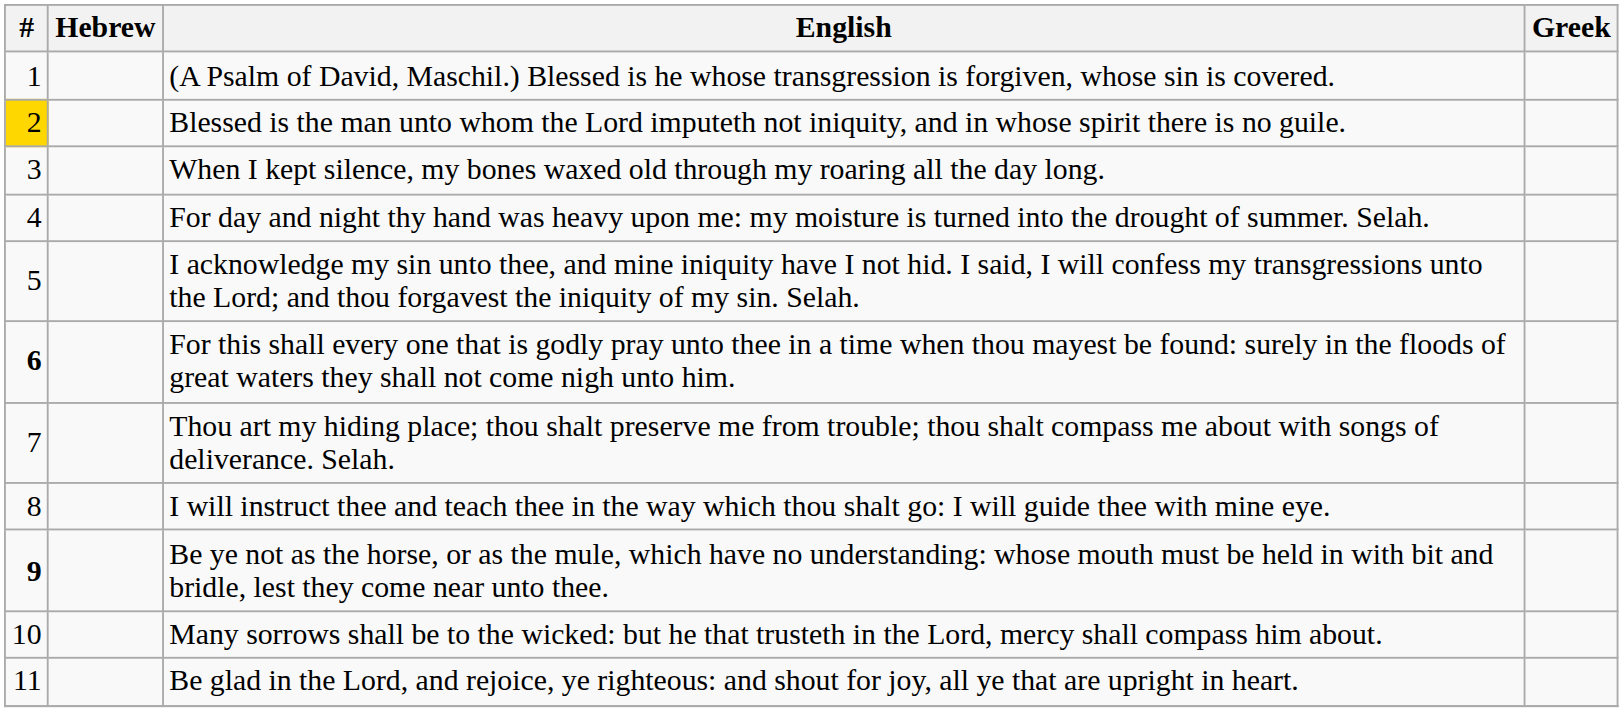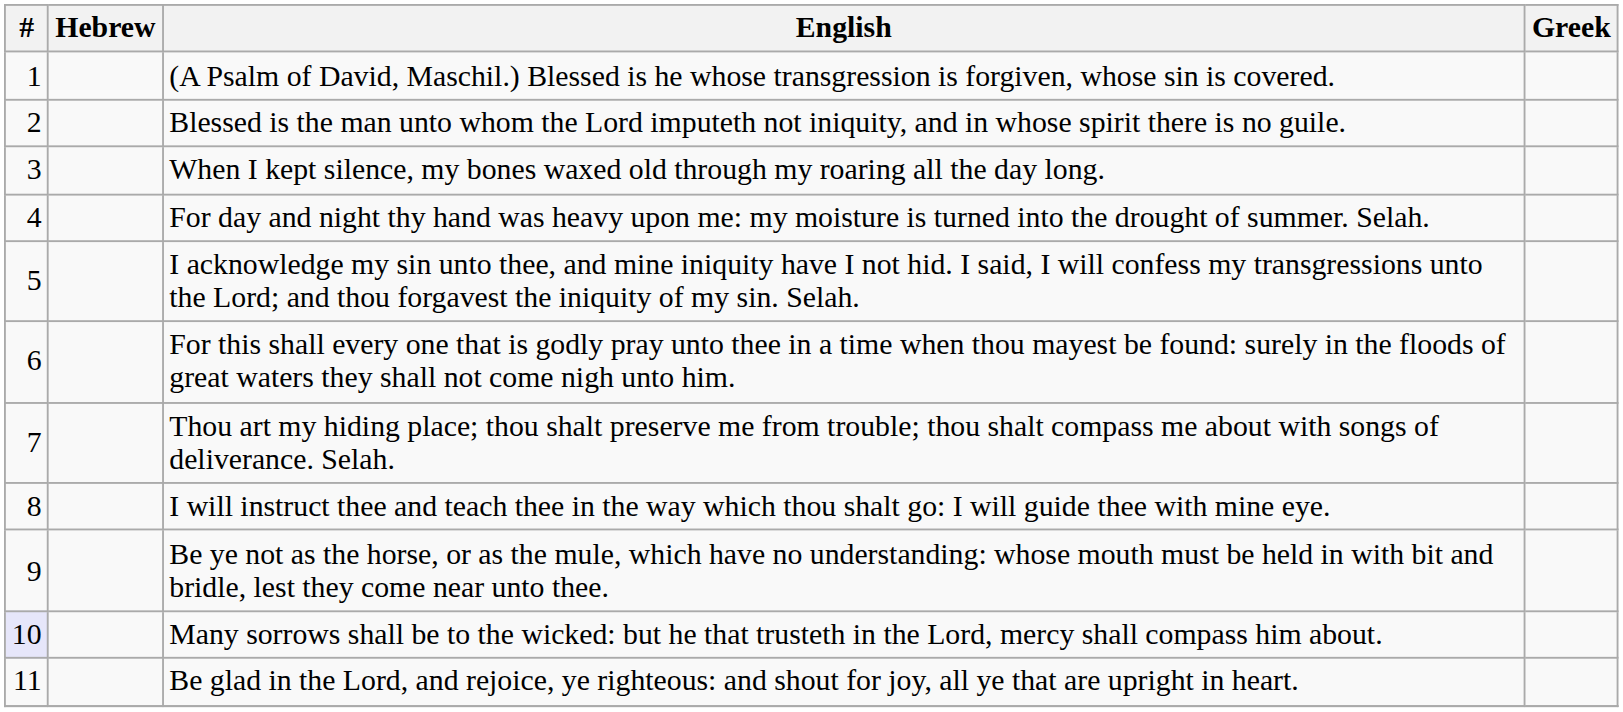 <table class=wikitable>
 <tr>
 <th>#</th>
 <th>Hebrew</th>
 <th>English</th>
 <th>Greek</th>
 </tr>
 <tr>
 <td style="text-align:right">1</td>
 <td style="text-align:right"></td>
 <td>(A Psalm of David, Maschil.) Blessed is he whose transgression is forgiven, whose sin is covered.</td>
 <td></td>
 </tr>
 <tr>
-<td style="background: gold; text-align:right">2</td>
+<td style="text-align:right">2</td>
 <td style="text-align:right"></td>
 <td>Blessed is the man unto whom the Lord imputeth not iniquity, and in whose spirit there is no guile.</td>
 <td></td>
 </tr>
 <tr>
 <td style="text-align:right">3</td>
 <td style="text-align:right"></td>
 <td>When I kept silence, my bones waxed old through my roaring all the day long.</td>
 <td></td>
 </tr>
 <tr>
 <td style="text-align:right">4</td>
 <td style="text-align:right"></td>
 <td>For day and night thy hand was heavy upon me: my moisture is turned into the drought of summer. Selah.</td>
 <td></td>
 </tr>
 <tr>
 <td style="text-align:right">5</td>
 <td style="text-align:right"></td>
 <td>I acknowledge my sin unto thee, and mine iniquity have I not hid. I said, I will confess my transgressions unto the Lord; and thou forgavest the iniquity of my sin. Selah.</td>
 <td></td>
 </tr>
 <tr>
-<td style="text-align:right"><strong>6</strong></td>
+<td style="text-align:right">6</td>
 <td style="text-align:right"></td>
 <td>For this shall every one that is godly pray unto thee in a time when thou mayest be found: surely in the floods of great waters they shall not come nigh unto him.</td>
 <td></td>
 </tr>
 <tr>
 <td style="text-align:right">7</td>
 <td style="text-align:right"></td>
 <td>Thou art my hiding place; thou shalt preserve me from trouble; thou shalt compass me about with songs of deliverance. Selah.</td>
 <td></td>
 </tr>
 <tr>
 <td style="text-align:right">8</td>
 <td style="text-align:right"></td>
 <td>I will instruct thee and teach thee in the way which thou shalt go: I will guide thee with mine eye.</td>
 <td></td>
 </tr>
 <tr>
-<td style="text-align:right"><strong>9</strong></td>
+<td style="text-align:right">9</td>
 <td style="text-align:right"></td>
 <td>Be ye not as the horse, or as the mule, which have no understanding: whose mouth must be held in with bit and bridle, lest they come near unto thee.</td>
 <td></td>
 </tr>
 <tr>
-<td style="text-align:right">10</td>
+<td style="background: lavender; text-align:right">10</td>
 <td style="text-align:right"></td>
 <td>Many sorrows shall be to the wicked: but he that trusteth in the Lord, mercy shall compass him about.</td>
 <td></td>
 </tr>
 <tr>
 <td style="text-align:right">11</td>
 <td style="text-align:right"></td>
 <td>Be glad in the Lord, and rejoice, ye righteous: and shout for joy, all ye that are upright in heart.</td>
 <td></td>
 </tr>
 <tr>
 </tr>
 </table>
